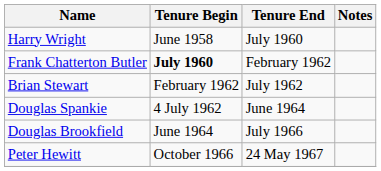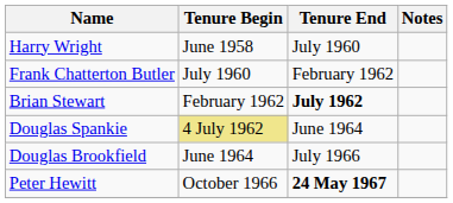 <table class="wikitable">
 <tr>
 <th>Name</th>
 <th>Tenure Begin</th>
 <th>Tenure End</th>
 <th>Notes</th>
 </tr>
 <tr>
 <td><a href='#'>Harry Wright</a></td>
 <td>June 1958</td>
 <td>July 1960</td>
 <td></td>
 </tr>
 <tr>
 <td><a href='#'>Frank Chatterton Butler</a></td>
-<td><strong>July 1960</strong></td>
+<td>July 1960</td>
 <td>February 1962</td>
 <td></td>
 </tr>
 <tr>
 <td><a href='#'>Brian Stewart</a></td>
 <td>February 1962</td>
-<td>July 1962</td>
+<td><strong>July 1962</strong></td>
 <td></td>
 </tr>
 <tr>
 <td><a href='#'>Douglas Spankie</a></td>
-<td>4 July 1962</td>
+<td style="background: khaki;">4 July 1962</td>
 <td>June 1964</td>
 <td></td>
 </tr>
 <tr>
 <td><a href='#'>Douglas Brookfield</a></td>
 <td>June 1964</td>
 <td>July 1966</td>
 <td></td>
 </tr>
 <tr>
 <td><a href='#'>Peter Hewitt</a></td>
 <td>October 1966</td>
-<td>24 May 1967</td>
+<td><strong>24 May 1967</strong></td>
 <td></td>
 </tr>
 <tr>
 </tr>
 </table>
